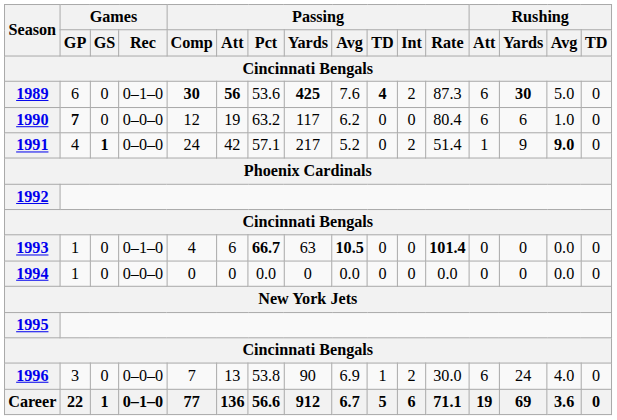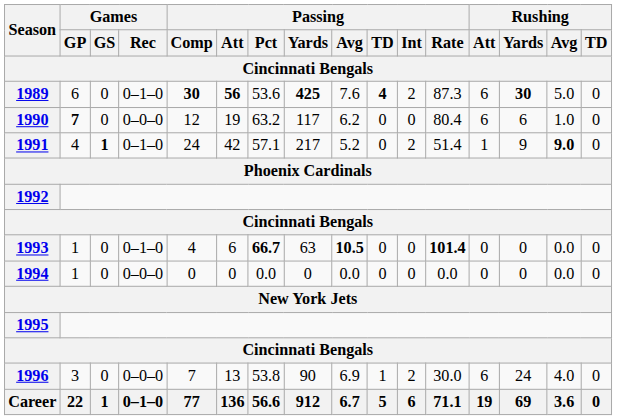 <table class="wikitable" style="text-align:center;">
 <tr>
 <th rowspan="2">Season</th>
 <th colspan="3">Games</th>
 <th colspan="8">Passing</th>
 <th colspan="4">Rushing</th>
 </tr>
 <tr>
 <th>GP</th>
 <th>GS</th>
 <th>Rec</th>
 <th>Comp</th>
 <th>Att</th>
 <th>Pct</th>
 <th>Yards</th>
 <th>Avg</th>
 <th>TD</th>
 <th>Int</th>
 <th>Rate</th>
 <th>Att</th>
 <th>Yards</th>
 <th>Avg</th>
 <th>TD</th>
 </tr>
 <tr>
 <th colspan="17">Cincinnati Bengals</th>
 </tr>
 <tr>
 <th><a href='#'>1989</a></th>
 <td>6</td>
 <td>0</td>
 <td>0–1–0</td>
 <td><strong>30</strong></td>
 <td><strong>56</strong></td>
 <td>53.6</td>
 <td><strong>425</strong></td>
 <td>7.6</td>
 <td><strong>4</strong></td>
 <td>2</td>
 <td>87.3</td>
 <td>6</td>
 <td><strong>30</strong></td>
 <td>5.0</td>
 <td>0</td>
 </tr>
 <tr>
 <th><a href='#'>1990</a></th>
 <td><strong>7</strong></td>
 <td>0</td>
 <td>0–0–0</td>
 <td>12</td>
 <td>19</td>
 <td>63.2</td>
 <td>117</td>
 <td>6.2</td>
 <td>0</td>
 <td>0</td>
 <td>80.4</td>
 <td>6</td>
 <td>6</td>
 <td>1.0</td>
 <td>0</td>
 </tr>
 <tr>
 <th><a href='#'>1991</a></th>
 <td>4</td>
 <td><strong>1</strong></td>
-<td>0–0–0</td>
+<td>0–1–0</td>
 <td>24</td>
 <td>42</td>
 <td>57.1</td>
 <td>217</td>
 <td>5.2</td>
 <td>0</td>
 <td>2</td>
 <td>51.4</td>
 <td>1</td>
 <td>9</td>
 <td><strong>9.0</strong></td>
 <td>0</td>
 </tr>
 <tr>
 <th colspan="17">Phoenix Cardinals</th>
 </tr>
 <tr>
 <th><a href='#'>1992</a></th>
 <td colspan="16"></td>
 </tr>
 <tr>
 <th colspan="17">Cincinnati Bengals</th>
 </tr>
 <tr>
 <th><a href='#'>1993</a></th>
 <td>1</td>
 <td>0</td>
 <td>0–1–0</td>
 <td>4</td>
 <td>6</td>
 <td><strong>66.7</strong></td>
 <td>63</td>
 <td><strong>10.5</strong></td>
 <td>0</td>
 <td>0</td>
 <td><strong>101.4</strong></td>
 <td>0</td>
 <td>0</td>
 <td>0.0</td>
 <td>0</td>
 </tr>
 <tr>
 <th><a href='#'>1994</a></th>
 <td>1</td>
 <td>0</td>
 <td>0–0–0</td>
 <td>0</td>
 <td>0</td>
 <td>0.0</td>
 <td>0</td>
 <td>0.0</td>
 <td>0</td>
 <td>0</td>
 <td>0.0</td>
 <td>0</td>
 <td>0</td>
 <td>0.0</td>
 <td>0</td>
 </tr>
 <tr>
 <th colspan="17">New York Jets</th>
 </tr>
 <tr>
 <th><a href='#'>1995</a></th>
 <td colspan="16"></td>
 </tr>
 <tr>
 <th colspan="17">Cincinnati Bengals</th>
 </tr>
 <tr>
 <th><a href='#'>1996</a></th>
 <td>3</td>
 <td>0</td>
 <td>0–0–0</td>
 <td>7</td>
 <td>13</td>
 <td>53.8</td>
 <td>90</td>
 <td>6.9</td>
 <td>1</td>
 <td>2</td>
 <td>30.0</td>
 <td>6</td>
 <td>24</td>
 <td>4.0</td>
 <td>0</td>
 </tr>
 <tr>
 <th>Career</th>
 <th>22</th>
 <th>1</th>
 <th>0–1–0</th>
 <th>77</th>
 <th>136</th>
 <th>56.6</th>
 <th>912</th>
 <th>6.7</th>
 <th>5</th>
 <th>6</th>
 <th>71.1</th>
 <th>19</th>
 <th>69</th>
 <th>3.6</th>
 <th>0</th>
 </tr>
 </table>
